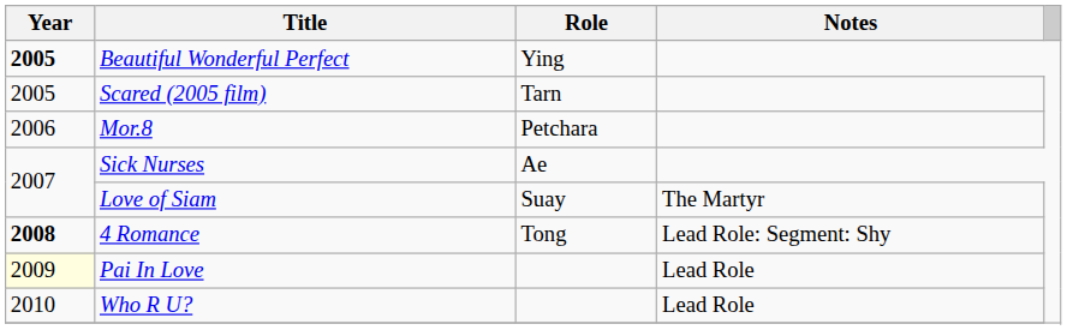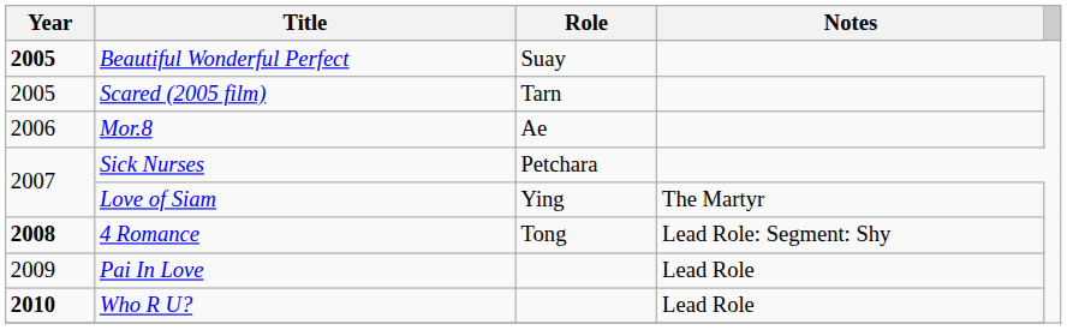 <table class="wikitable" width="60%">
 <tr bgcolor="#CCCCCC">
 <th>Year</th>
 <th>Title</th>
 <th>Role</th>
 <th>Notes</th>
 <td></td>
 </tr>
 <tr>
 <td><strong>2005</strong></td>
 <td><em><a href='#'>Beautiful Wonderful Perfect</a></em></td>
-<td>Ying</td>
+<td>Suay</td>
 </tr>
 <tr>
 <td>2005</td>
 <td><em><a href='#'>Scared (2005 film)</a></em></td>
 <td>Tarn</td>
 <td></td>
 </tr>
 <tr>
 <td>2006</td>
 <td><em><a href='#'>Mor.8</a></em></td>
-<td>Petchara</td>
+<td>Ae</td>
 <td></td>
 </tr>
 <tr>
 <td rowspan="2">2007</td>
 <td><em><a href='#'>Sick Nurses</a></em></td>
-<td>Ae</td>
+<td>Petchara</td>
 </tr>
 <tr>
 <td><em><a href='#'>Love of Siam</a></em></td>
-<td>Suay</td>
+<td>Ying</td>
 <td>The Martyr</td>
 </tr>
 <tr>
 <td><strong>2008</strong></td>
 <td><em><a href='#'>4 Romance</a></em></td>
 <td>Tong</td>
 <td>Lead Role: Segment: Shy</td>
 </tr>
 <tr>
-<td style="background: lightyellow;">2009</td>
+<td>2009</td>
 <td><em><a href='#'>Pai In Love</a></em></td>
 <td></td>
 <td>Lead Role</td>
 </tr>
 <tr>
-<td>2010</td>
+<td><strong>2010</strong></td>
 <td><em><a href='#'>Who R U?</a></em></td>
 <td></td>
 <td>Lead Role</td>
 </tr>
 <tr>
 </tr>
 </table>
